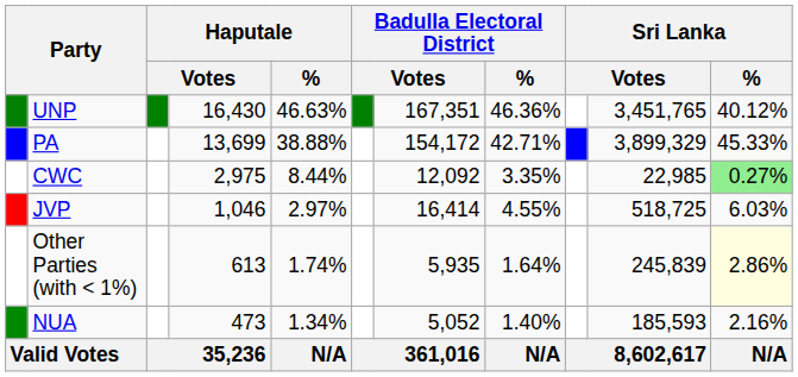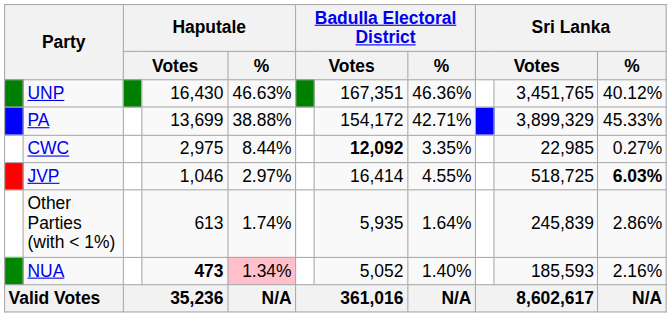 <table class="wikitable">
 <tr>
 <th colspan="2" width="144px"rowspan="2">Party</th>
 <th colspan="3" width="216px">Haputale</th>
 <th colspan="3" width="216px"><a href='#'>Badulla Electoral District</a></th>
 <th colspan="3" width="216px">Sri Lanka</th>
 </tr>
 <tr>
 <th colspan="2" width="144px">Votes</th>
 <th>%</th>
 <th colspan="2" width="144px">Votes</th>
 <th>%</th>
 <th colspan="2" width="144px">Votes</th>
 <th>%</th>
 </tr>
 <tr>
 <td style="background-color:green;" width="10px"></td>
 <td style="text-align:left;"><a href='#'>UNP</a></td>
 <td style="background-color:green;" width="10px"></td>
 <td style="text-align:right;">16,430</td>
 <td style="text-align:right;">46.63%</td>
 <td style="background-color:green;" width="10px"></td>
 <td style="text-align:right;">167,351</td>
 <td style="text-align:right;">46.36%</td>
 <td style="background-color:white;" width="10px"></td>
 <td style="text-align:right;">3,451,765</td>
 <td style="text-align:right;">40.12%</td>
 </tr>
 <tr>
 <td style="background-color:blue;" width="10px"></td>
 <td style="text-align:left;"><a href='#'>PA</a></td>
 <td style="background-color:white;" width="10px"></td>
 <td style="text-align:right;">13,699</td>
 <td style="text-align:right;">38.88%</td>
 <td style="background-color:white;" width="10px"></td>
 <td style="text-align:right;">154,172</td>
 <td style="text-align:right;">42.71%</td>
 <td style="background-color:blue;" width="10px"></td>
 <td style="text-align:right;">3,899,329</td>
 <td style="text-align:right;">45.33%</td>
 </tr>
 <tr>
 <td style="background-color:white;" width="10px"></td>
 <td style="text-align:left;"><a href='#'>CWC</a></td>
 <td style="background-color:white;" width="10px"></td>
 <td style="text-align:right;">2,975</td>
 <td style="text-align:right;">8.44%</td>
 <td style="background-color:white;" width="10px"></td>
-<td style="text-align:right;">12,092</td>
+<td style="text-align:right;"><strong>12,092</strong></td>
 <td style="text-align:right;">3.35%</td>
 <td style="background-color:white;" width="10px"></td>
 <td style="text-align:right;">22,985</td>
-<td style="background: lightgreen; text-align:right;">0.27%</td>
+<td style="text-align:right;">0.27%</td>
 </tr>
 <tr>
 <td style="background-color:red;" width="10px"></td>
 <td style="text-align:left;"><a href='#'>JVP</a></td>
 <td style="background-color:white;" width="10px"></td>
 <td style="text-align:right;">1,046</td>
 <td style="text-align:right;">2.97%</td>
 <td style="background-color:white;" width="10px"></td>
 <td style="text-align:right;">16,414</td>
 <td style="text-align:right;">4.55%</td>
 <td style="background-color:white;" width="10px"></td>
 <td style="text-align:right;">518,725</td>
-<td style="text-align:right;">6.03%</td>
+<td style="text-align:right;"><strong>6.03%</strong></td>
 </tr>
 <tr>
 <td style="background-color:white;" width="10px"></td>
 <td style="text-align:left;">Other Parties (with < 1%)</td>
 <td style="background-color:white;" width="10px"></td>
 <td style="text-align:right;">613</td>
 <td style="text-align:right;">1.74%</td>
 <td style="background-color:white;" width="10px"></td>
 <td style="text-align:right;">5,935</td>
 <td style="text-align:right;">1.64%</td>
 <td style="background-color:white;" width="10px"></td>
 <td style="text-align:right;">245,839</td>
-<td style="background: lightyellow; text-align:right;">2.86%</td>
+<td style="text-align:right;">2.86%</td>
 </tr>
 <tr>
 <td style="background-color:#008800;" width="10px"></td>
 <td style="text-align:left;"><a href='#'>NUA</a></td>
 <td style="background-color:white;" width="10px"></td>
-<td style="text-align:right;">473</td>
-<td style="text-align:right;">1.34%</td>
+<td style="text-align:right;"><strong>473</strong></td>
+<td style="background: pink; text-align:right;">1.34%</td>
 <td style="background-color:white;" width="10px"></td>
 <td style="text-align:right;">5,052</td>
 <td style="text-align:right;">1.40%</td>
 <td style="background-color:white;" width="10px"></td>
 <td style="text-align:right;">185,593</td>
 <td style="text-align:right;">2.16%</td>
 </tr>
 <tr>
 <th colspan="2" width="144px"style="text-align:left;">Valid Votes</th>
 <th style="text-align:right;"colspan="2" width="144px">35,236</th>
 <th style="text-align:right;">N/A</th>
 <th style="text-align:right;"colspan="2" width="144px">361,016</th>
 <th style="text-align:right;">N/A</th>
 <th style="text-align:right;"colspan="2" width="144px">8,602,617</th>
 <th style="text-align:right;">N/A</th>
 </tr>
 </table>
